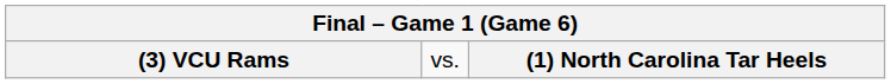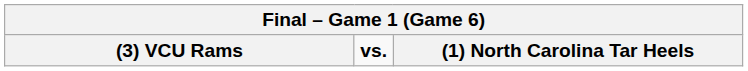 <table class="wikitable">
 <tr>
 <th style="width: 594px;" colspan=3>Final – Game 1 (Game 6)</th>
 </tr>
 <tr>
 <th style="width: 284px; ">(3) VCU Rams</th>
-<td style="width: 25px; text-align:center">vs.</td>
+<td style="width: 25px; text-align:center"><strong>vs.</strong></td>
 <th style="width: 284px; ">(1) North Carolina Tar Heels</th>
 </tr>
 </table>
